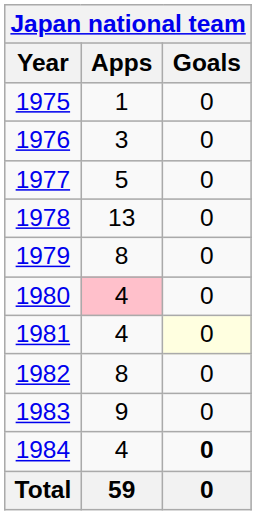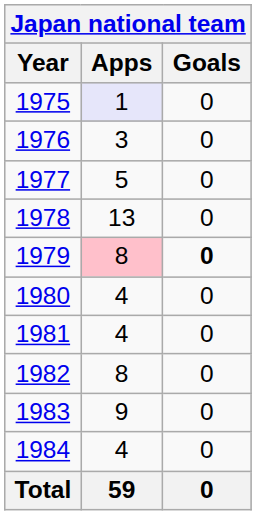 <table class="wikitable" style="text-align:center">
 <tr>
 <th colspan=3><a href='#'>Japan national team</a></th>
 </tr>
 <tr>
 <th>Year</th>
 <th>Apps</th>
 <th>Goals</th>
 </tr>
 <tr>
 <td><a href='#'>1975</a></td>
-<td>1</td>
+<td style="background: lavender;">1</td>
 <td>0</td>
 </tr>
 <tr>
 <td><a href='#'>1976</a></td>
 <td>3</td>
 <td>0</td>
 </tr>
 <tr>
 <td><a href='#'>1977</a></td>
 <td>5</td>
 <td>0</td>
 </tr>
 <tr>
 <td><a href='#'>1978</a></td>
 <td>13</td>
 <td>0</td>
 </tr>
 <tr>
 <td><a href='#'>1979</a></td>
-<td>8</td>
-<td>0</td>
+<td style="background: pink;">8</td>
+<td><strong>0</strong></td>
 </tr>
 <tr>
 <td><a href='#'>1980</a></td>
-<td style="background: pink;">4</td>
+<td>4</td>
 <td>0</td>
 </tr>
 <tr>
 <td><a href='#'>1981</a></td>
 <td>4</td>
-<td style="background: lightyellow;">0</td>
+<td>0</td>
 </tr>
 <tr>
 <td><a href='#'>1982</a></td>
 <td>8</td>
 <td>0</td>
 </tr>
 <tr>
 <td><a href='#'>1983</a></td>
 <td>9</td>
 <td>0</td>
 </tr>
 <tr>
 <td><a href='#'>1984</a></td>
 <td>4</td>
-<td><strong>0</strong></td>
+<td>0</td>
 </tr>
 <tr>
 <th>Total</th>
 <th>59</th>
 <th>0</th>
 </tr>
 </table>
